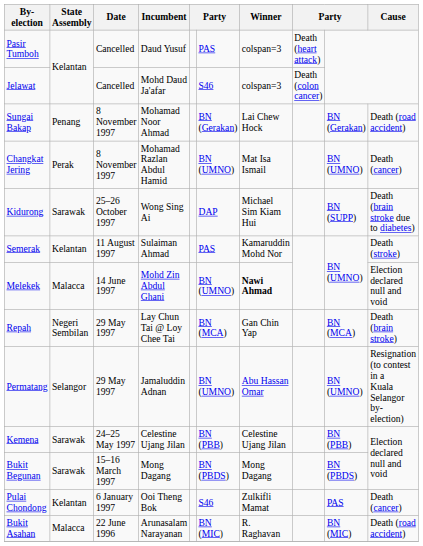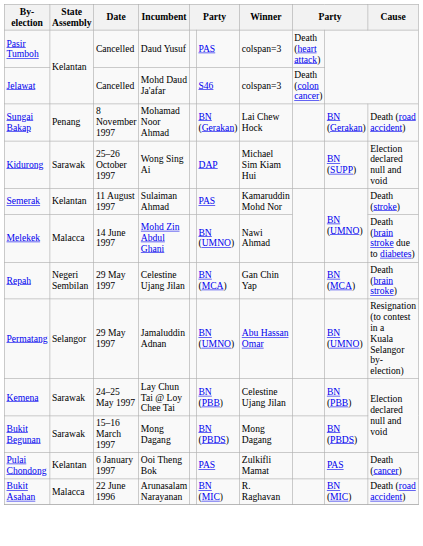 <table class="wikitable">
 <tr>
 <th>By-election</th>
 <th>State Assembly</th>
 <th>Date</th>
 <th>Incumbent</th>
 <th colspan=2>Party</th>
 <th>Winner</th>
 <th colspan=2>Party</th>
 <th>Cause</th>
 </tr>
 <tr>
 <td><a href='#'>Pasir Tumboh</a></td>
 <td rowspan="2">Kelantan</td>
 <td>Cancelled</td>
 <td>Daud Yusuf</td>
 <td> </td>
 <td><a href='#'>PAS</a></td>
 <td>colspan=3 </td>
 <td>Death (<a href='#'>heart attack</a>)</td>
 </tr>
 <tr>
 <td><a href='#'>Jelawat</a></td>
 <td>Cancelled</td>
 <td>Mohd Daud Ja'afar</td>
 <td> </td>
 <td><a href='#'>S46</a></td>
 <td>colspan=3 </td>
 <td>Death (<a href='#'>colon cancer</a>)</td>
 </tr>
 <tr>
 <td><a href='#'>Sungai Bakap</a></td>
 <td>Penang</td>
 <td>8 November 1997</td>
 <td>Mohamad Noor Ahmad</td>
 <td> </td>
 <td><a href='#'>BN</a> (<a href='#'>Gerakan</a>)</td>
 <td>Lai Chew Hock</td>
 <td> </td>
 <td><a href='#'>BN</a> (<a href='#'>Gerakan</a>)</td>
 <td>Death (<a href='#'>road accident</a>)</td>
 </tr>
 <tr>
-<td><a href='#'>Changkat Jering</a></td>
-<td>Perak</td>
-<td>8 November 1997</td>
-<td>Mohamad Razlan Abdul Hamid</td>
-<td> </td>
-<td><a href='#'>BN</a> (<a href='#'>UMNO</a>)</td>
-<td>Mat Isa Ismail</td>
-<td> </td>
-<td><a href='#'>BN</a> (<a href='#'>UMNO</a>)</td>
-<td>Death (<a href='#'>cancer</a>)</td>
-</tr>
-<tr>
 <td><a href='#'>Kidurong</a></td>
 <td>Sarawak</td>
 <td>25–26 October 1997</td>
 <td>Wong Sing Ai</td>
 <td> </td>
 <td><a href='#'>DAP</a></td>
 <td>Michael Sim Kiam Hui</td>
 <td> </td>
 <td><a href='#'>BN</a> (<a href='#'>SUPP</a>)</td>
-<td>Death (<a href='#'>brain stroke</a> due to <a href='#'>diabetes</a>)</td>
+<td>Election declared null and void</td>
 </tr>
 <tr>
 <td><a href='#'>Semerak</a></td>
 <td>Kelantan</td>
 <td>11 August 1997</td>
 <td>Sulaiman Ahmad</td>
 <td> </td>
 <td><a href='#'>PAS</a></td>
 <td>Kamaruddin Mohd Nor</td>
 <td rowspan="2" > </td>
 <td rowspan="2"><a href='#'>BN</a> (<a href='#'>UMNO</a>)</td>
 <td>Death (<a href='#'>stroke</a>)</td>
 </tr>
 <tr>
 <td><a href='#'>Melekek</a></td>
 <td>Malacca</td>
 <td>14 June 1997</td>
 <td><a href='#'>Mohd Zin Abdul Ghani</a></td>
 <td> </td>
 <td><a href='#'>BN</a> (<a href='#'>UMNO</a>)</td>
-<td><strong>Nawi Ahmad</strong></td>
-<td>Election declared null and void</td>
+<td>Nawi Ahmad</td>
+<td>Death (<a href='#'>brain stroke</a> due to <a href='#'>diabetes</a>)</td>
 </tr>
 <tr>
 <td><a href='#'>Repah</a></td>
 <td>Negeri Sembilan</td>
 <td>29 May 1997</td>
-<td>Lay Chun Tai @ Loy Chee Tai</td>
+<td>Celestine Ujang Jilan</td>
 <td> </td>
 <td><a href='#'>BN</a> (<a href='#'>MCA</a>)</td>
 <td>Gan Chin Yap</td>
 <td> </td>
 <td><a href='#'>BN</a> (<a href='#'>MCA</a>)</td>
 <td>Death (<a href='#'>brain stroke</a>)</td>
 </tr>
 <tr>
 <td><a href='#'>Permatang</a></td>
 <td>Selangor</td>
 <td>29 May 1997</td>
 <td>Jamaluddin Adnan</td>
 <td> </td>
 <td><a href='#'>BN</a> (<a href='#'>UMNO</a>)</td>
 <td><a href='#'>Abu Hassan Omar</a></td>
 <td> </td>
 <td><a href='#'>BN</a> (<a href='#'>UMNO</a>)</td>
 <td>Resignation (to contest in a<br> Kuala Selangor by-election)</td>
 </tr>
 <tr>
 <td><a href='#'>Kemena</a></td>
 <td>Sarawak</td>
 <td>24–25 May 1997</td>
-<td>Celestine Ujang Jilan</td>
+<td>Lay Chun Tai @ Loy Chee Tai</td>
 <td> </td>
 <td><a href='#'>BN</a> (<a href='#'>PBB</a>)</td>
 <td>Celestine Ujang Jilan</td>
 <td> </td>
 <td><a href='#'>BN</a> (<a href='#'>PBB</a>)</td>
 <td rowspan="2">Election declared null and void</td>
 </tr>
 <tr>
 <td><a href='#'>Bukit Begunan</a></td>
 <td>Sarawak</td>
 <td>15–16 March 1997</td>
 <td>Mong Dagang</td>
 <td> </td>
 <td><a href='#'>BN</a> (<a href='#'>PBDS</a>)</td>
 <td>Mong Dagang</td>
 <td> </td>
 <td><a href='#'>BN</a> (<a href='#'>PBDS</a>)</td>
 </tr>
 <tr>
 <td><a href='#'>Pulai Chondong</a></td>
 <td>Kelantan</td>
 <td>6 January 1997</td>
 <td>Ooi Theng Bok</td>
 <td> </td>
-<td><a href='#'>S46</a></td>
+<td><a href='#'>PAS</a></td>
 <td>Zulkifli Mamat</td>
 <td> </td>
 <td><a href='#'>PAS</a></td>
 <td>Death (<a href='#'>cancer</a>)</td>
 </tr>
 <tr>
 <td><a href='#'>Bukit Asahan</a></td>
 <td>Malacca</td>
 <td>22 June 1996</td>
 <td>Arunasalam Narayanan</td>
 <td> </td>
 <td><a href='#'>BN</a> (<a href='#'>MIC</a>)</td>
 <td>R. Raghavan</td>
 <td> </td>
 <td><a href='#'>BN</a> (<a href='#'>MIC</a>)</td>
 <td>Death (<a href='#'>road accident</a>)</td>
 </tr>
 <tr>
 </tr>
 </table>
